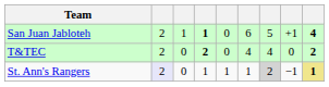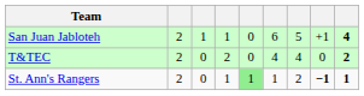 <table class="wikitable" style="text-align: center; font-size:90%;">
 <tr>
 <th width=175>Team</th>
 <th width=20></th>
 <th width=20></th>
 <th width=20></th>
 <th width=20></th>
 <th width=20></th>
 <th width=20></th>
 <th width=20></th>
 <th width=20></th>
 </tr>
 <tr bgcolor=ccffcc>
 <td align=left><a href='#'>San Juan Jabloteh</a></td>
 <td>2</td>
 <td>1</td>
-<td><strong>1</strong></td>
+<td>1</td>
 <td>0</td>
 <td>6</td>
 <td>5</td>
 <td>+1</td>
 <td><strong>4</strong></td>
 </tr>
 <tr bgcolor=ccffcc>
 <td align=left><a href='#'>T&TEC</a></td>
 <td>2</td>
 <td>0</td>
-<td><strong>2</strong></td>
+<td>2</td>
 <td>0</td>
 <td>4</td>
 <td>4</td>
 <td>0</td>
 <td><strong>2</strong></td>
 </tr>
 <tr>
 <td align=left><a href='#'>St. Ann's Rangers</a></td>
-<td style="background: lavender;">2</td>
+<td>2</td>
 <td>0</td>
 <td>1</td>
+<td style="background: lightgreen;">1</td>
 <td>1</td>
-<td>1</td>
-<td style="background: lightgrey;">2</td>
-<td>−1</td>
-<td style="background: khaki;"><strong>1</strong></td>
+<td>2</td>
+<td><strong>−1</strong></td>
+<td><strong>1</strong></td>
 </tr>
 </table>
